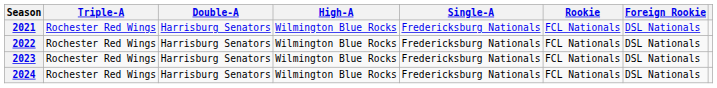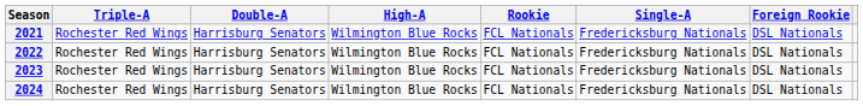 <table class="wikitable plainrowheaders">
 <tr>
 <th scope="col">Season</th>
 <th scope="col"><a href='#'><span>Triple-A</span></a></th>
 <th scope="col"><a href='#'><span>Double-A</span></a></th>
 <th scope="col"><a href='#'><span>High-A</span></a></th>
+<th scope="col"><a href='#'><span>Rookie</span></a></th>
 <th scope="col"><a href='#'><span>Single-A</span></a></th>
-<th scope="col"><a href='#'><span>Rookie</span></a></th>
 <th scope="col"><a href='#'><span>Foreign Rookie</span></a></th>
 <th scope="col"></th>
 </tr>
 <tr>
 <th scope="row" style="text-align:center"><a href='#'>2021</a></th>
 <td><a href='#'>Rochester Red Wings</a></td>
 <td><a href='#'>Harrisburg Senators</a></td>
 <td><a href='#'>Wilmington Blue Rocks</a></td>
+<td><a href='#'>FCL Nationals</a></td>
 <td><a href='#'>Fredericksburg Nationals</a></td>
-<td><a href='#'>FCL Nationals</a></td>
 <td><a href='#'>DSL Nationals</a></td>
 <td align="center"></td>
 </tr>
 <tr>
 <th scope="row" style="text-align:center"><a href='#'>2022</a></th>
 <td>Rochester Red Wings</td>
 <td>Harrisburg Senators</td>
 <td>Wilmington Blue Rocks</td>
+<td>FCL Nationals</td>
 <td>Fredericksburg Nationals</td>
-<td>FCL Nationals</td>
 <td>DSL Nationals</td>
 <td align="center"></td>
 </tr>
 <tr>
 <th scope="row" style="text-align:center"><a href='#'>2023</a></th>
 <td>Rochester Red Wings</td>
 <td>Harrisburg Senators</td>
 <td>Wilmington Blue Rocks</td>
+<td>FCL Nationals</td>
 <td>Fredericksburg Nationals</td>
-<td>FCL Nationals</td>
 <td>DSL Nationals</td>
 <td align="center"></td>
 </tr>
 <tr>
 <th scope="row" style="text-align:center"><a href='#'>2024</a></th>
 <td>Rochester Red Wings</td>
 <td>Harrisburg Senators</td>
 <td>Wilmington Blue Rocks</td>
+<td>FCL Nationals</td>
 <td>Fredericksburg Nationals</td>
-<td>FCL Nationals</td>
 <td>DSL Nationals</td>
 <td align="center"></td>
 </tr>
 </table>
